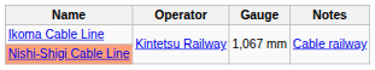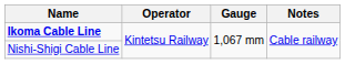 <table class="wikitable">
 <tr>
 <th>Name</th>
 <th>Operator</th>
 <th>Gauge</th>
 <th>Notes</th>
 </tr>
 <tr>
-<td><a href='#'>Ikoma Cable Line</a></td>
+<td><strong><a href='#'>Ikoma Cable Line</a></strong></td>
 <td rowspan="2"><a href='#'>Kintetsu Railway</a></td>
 <td rowspan="2">1,067 mm</td>
 <td rowspan="2"><a href='#'>Cable railway</a></td>
 </tr>
 <tr>
-<td style="background: lightsalmon;"><a href='#'>Nishi-Shigi Cable Line</a></td>
+<td><a href='#'>Nishi-Shigi Cable Line</a></td>
 </tr>
 </table>
